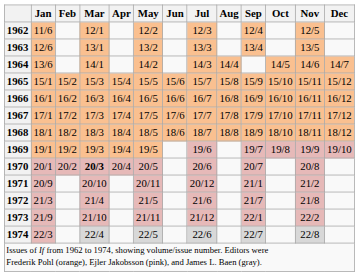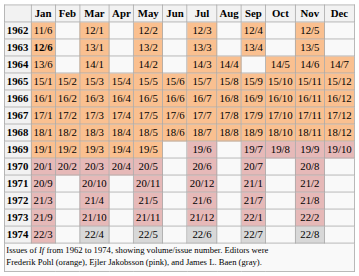 <table class="wikitable" style="font-size: 10pt; line-height: 11pt; margin-left: 2em; text-align: center; float: right">
 <tr>
 <th></th>
 <th>Jan</th>
 <th>Feb</th>
 <th>Mar</th>
 <th>Apr</th>
 <th>May</th>
 <th>Jun</th>
 <th>Jul</th>
 <th>Aug</th>
 <th>Sep</th>
 <th>Oct</th>
 <th>Nov</th>
 <th>Dec</th>
 </tr>
 <tr>
 <th>1962</th>
 <td bgcolor=#fac090>11/6</td>
 <td></td>
 <td bgcolor=#fac090>12/1</td>
 <td></td>
 <td bgcolor=#fac090>12/2</td>
 <td></td>
 <td bgcolor=#fac090>12/3</td>
 <td></td>
 <td bgcolor=#fac090>12/4</td>
 <td></td>
 <td bgcolor=#fac090>12/5</td>
 <td></td>
 </tr>
 <tr>
 <th>1963</th>
-<td bgcolor=#fac090>12/6</td>
+<td bgcolor=#fac090><strong>12/6</strong></td>
 <td></td>
 <td bgcolor=#fac090>13/1</td>
 <td></td>
 <td bgcolor=#fac090>13/2</td>
 <td></td>
 <td bgcolor=#fac090>13/3</td>
 <td></td>
 <td bgcolor=#fac090>13/4</td>
 <td></td>
 <td bgcolor=#fac090>13/5</td>
 <td></td>
 </tr>
 <tr>
 <th>1964</th>
 <td bgcolor=#fac090>13/6</td>
 <td></td>
 <td bgcolor=#fac090>14/1</td>
 <td></td>
 <td bgcolor=#fac090>14/2</td>
 <td></td>
 <td bgcolor=#fac090>14/3</td>
 <td bgcolor=#fac090>14/4</td>
 <td></td>
 <td bgcolor=#fac090>14/5</td>
 <td bgcolor=#fac090>14/6</td>
 <td bgcolor=#fac090>14/7</td>
 </tr>
 <tr>
 <th>1965</th>
 <td bgcolor=#fac090>15/1</td>
 <td bgcolor=#fac090>15/2</td>
 <td bgcolor=#fac090>15/3</td>
 <td bgcolor=#fac090>15/4</td>
 <td bgcolor=#fac090>15/5</td>
 <td bgcolor=#fac090>15/6</td>
 <td bgcolor=#fac090>15/7</td>
 <td bgcolor=#fac090>15/8</td>
 <td bgcolor=#fac090>15/9</td>
 <td bgcolor=#fac090>15/10</td>
 <td bgcolor=#fac090>15/11</td>
 <td bgcolor=#fac090>15/12</td>
 </tr>
 <tr>
 <th>1966</th>
 <td bgcolor=#fac090>16/1</td>
 <td bgcolor=#fac090>16/2</td>
 <td bgcolor=#fac090>16/3</td>
 <td bgcolor=#fac090>16/4</td>
 <td bgcolor=#fac090>16/5</td>
 <td bgcolor=#fac090>16/6</td>
 <td bgcolor=#fac090>16/7</td>
 <td bgcolor=#fac090>16/8</td>
 <td bgcolor=#fac090>16/9</td>
 <td bgcolor=#fac090>16/10</td>
 <td bgcolor=#fac090>16/11</td>
 <td bgcolor=#fac090>16/12</td>
 </tr>
 <tr>
 <th>1967</th>
 <td bgcolor=#fac090>17/1</td>
 <td bgcolor=#fac090>17/2</td>
 <td bgcolor=#fac090>17/3</td>
 <td bgcolor=#fac090>17/4</td>
 <td bgcolor=#fac090>17/5</td>
 <td bgcolor=#fac090>17/6</td>
 <td bgcolor=#fac090>17/7</td>
 <td bgcolor=#fac090>17/8</td>
 <td bgcolor=#fac090>17/9</td>
 <td bgcolor=#fac090>17/10</td>
 <td bgcolor=#fac090>17/11</td>
 <td bgcolor=#fac090>17/12</td>
 </tr>
 <tr>
 <th>1968</th>
 <td bgcolor=#fac090>18/1</td>
 <td bgcolor=#fac090>18/2</td>
 <td bgcolor=#fac090>18/3</td>
 <td bgcolor=#fac090>18/4</td>
 <td bgcolor=#fac090>18/5</td>
 <td bgcolor=#fac090>18/6</td>
 <td bgcolor=#fac090>18/7</td>
 <td bgcolor=#fac090>18/8</td>
 <td bgcolor=#fac090>18/9</td>
 <td bgcolor=#fac090>18/10</td>
 <td bgcolor=#fac090>18/11</td>
 <td bgcolor=#fac090>18/12</td>
 </tr>
 <tr>
 <th>1969</th>
 <td bgcolor=#fac090>19/1</td>
 <td bgcolor=#fac090>19/2</td>
 <td bgcolor=#fac090>19/3</td>
 <td bgcolor=#fac090>19/4</td>
 <td bgcolor=#fac090>19/5</td>
 <td></td>
 <td bgcolor=#e6b9b8>19/6</td>
 <td></td>
 <td bgcolor=#e6b9b8>19/7</td>
 <td bgcolor=#e6b9b8>19/8</td>
 <td bgcolor=#e6b9b8>19/9</td>
 <td bgcolor=#e6b9b8>19/10</td>
 </tr>
 <tr>
 <th>1970</th>
 <td bgcolor=#e6b9b8>20/1</td>
 <td bgcolor=#e6b9b8>20/2</td>
-<td bgcolor=#e6b9b8><strong>20/3</strong></td>
+<td bgcolor=#e6b9b8>20/3</td>
 <td bgcolor=#e6b9b8>20/4</td>
 <td bgcolor=#e6b9b8>20/5</td>
 <td></td>
 <td bgcolor=#e6b9b8>20/6</td>
 <td></td>
 <td bgcolor=#e6b9b8>20/7</td>
 <td></td>
 <td bgcolor=#e6b9b8>20/8</td>
 <td></td>
 </tr>
 <tr>
 <th>1971</th>
 <td bgcolor=#e6b9b8>20/9</td>
 <td></td>
 <td bgcolor=#e6b9b8>20/10</td>
 <td></td>
 <td bgcolor=#e6b9b8>20/11</td>
 <td></td>
 <td bgcolor=#e6b9b8>20/12</td>
 <td></td>
 <td bgcolor=#e6b9b8>21/1</td>
 <td></td>
 <td bgcolor=#e6b9b8>21/2</td>
 <td></td>
 </tr>
 <tr>
 <th>1972</th>
 <td bgcolor=#e6b9b8>21/3</td>
 <td></td>
 <td bgcolor=#e6b9b8>21/4</td>
 <td></td>
 <td bgcolor=#e6b9b8>21/5</td>
 <td></td>
 <td bgcolor=#e6b9b8>21/6</td>
 <td></td>
 <td bgcolor=#e6b9b8>21/7</td>
 <td></td>
 <td bgcolor=#e6b9b8>21/8</td>
 <td></td>
 </tr>
 <tr>
 <th>1973</th>
 <td bgcolor=#e6b9b8>21/9</td>
 <td></td>
 <td bgcolor=#e6b9b8>21/10</td>
 <td></td>
 <td bgcolor=#e6b9b8>21/11</td>
 <td></td>
 <td bgcolor=#e6b9b8>21/12</td>
 <td></td>
 <td bgcolor=#e6b9b8>22/1</td>
 <td></td>
 <td bgcolor=#e6b9b8>22/2</td>
 <td></td>
 </tr>
 <tr>
 <th>1974</th>
 <td bgcolor=#e6b9b8>22/3</td>
 <td></td>
 <td bgcolor=#d8d8d8>22/4</td>
 <td></td>
 <td bgcolor=#d8d8d8>22/5</td>
 <td></td>
 <td bgcolor=#d8d8d8>22/6</td>
 <td></td>
 <td bgcolor=#d8d8d8>22/7</td>
 <td></td>
 <td bgcolor=#d8d8d8>22/8</td>
 <td></td>
 </tr>
 <tr>
 <td colspan="13" style="font-size: 8pt; text-align:left">Issues of <em>If</em> from 1962 to 1974, showing volume/issue number. Editors were<br>Frederik Pohl (orange), Ejler Jakobsson (pink), and James L. Baen (gray).</td>
 </tr>
 </table>
